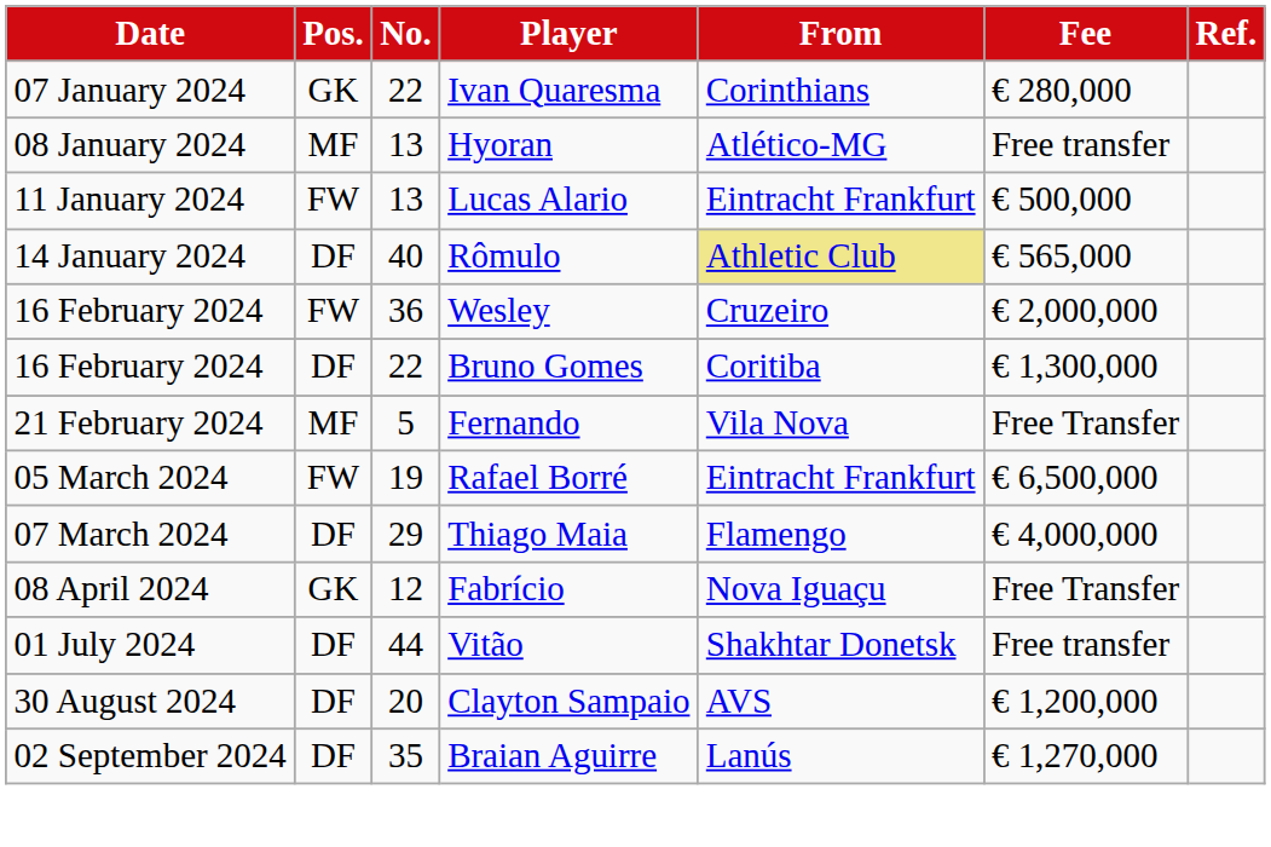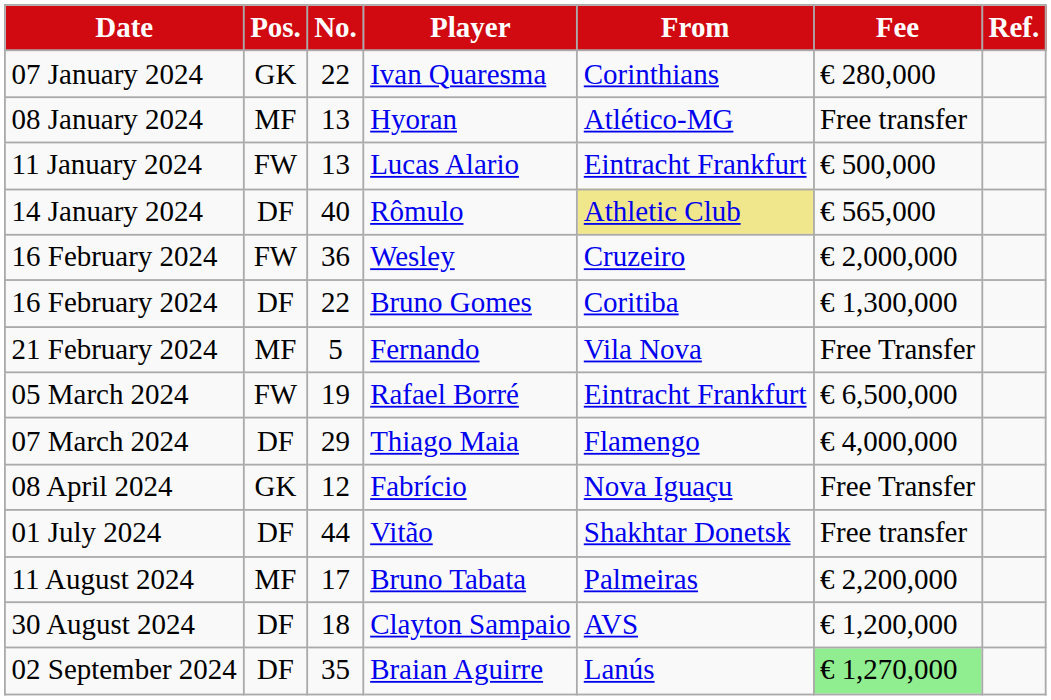 <table class="wikitable plainrowheaders sortable">
 <tr>
 <th style="background:#D10A11; color:#ffffff; ">Date</th>
 <th style="background:#D10A11; color:#ffffff; ">Pos.</th>
 <th style="background:#D10A11; color:#ffffff; ">No.</th>
 <th style="background:#D10A11; color:#ffffff; ">Player</th>
 <th style="background:#D10A11; color:#ffffff; ">From</th>
 <th style="background:#D10A11; color:#ffffff; ">Fee</th>
 <th style="background:#D10A11; color:#ffffff; ">Ref.</th>
 </tr>
 <tr>
 <td>07 January 2024</td>
 <td style="text-align:center;">GK</td>
 <td style="text-align:center;">22</td>
 <td> <a href='#'>Ivan Quaresma</a></td>
 <td> <a href='#'>Corinthians</a></td>
 <td>€ 280,000</td>
 <td></td>
 </tr>
 <tr>
 <td>08 January 2024</td>
 <td style="text-align:center;">MF</td>
 <td style="text-align:center;">13</td>
 <td> <a href='#'>Hyoran</a></td>
 <td> <a href='#'>Atlético-MG</a></td>
 <td>Free transfer</td>
 <td></td>
 </tr>
 <tr>
 <td>11 January 2024</td>
 <td style="text-align:center;">FW</td>
 <td style="text-align:center;">13</td>
 <td> <a href='#'>Lucas Alario</a></td>
 <td> <a href='#'>Eintracht Frankfurt</a></td>
 <td>€ 500,000</td>
 <td></td>
 </tr>
 <tr>
 <td>14 January 2024</td>
 <td style="text-align:center;">DF</td>
 <td style="text-align:center;">40</td>
 <td> <a href='#'>Rômulo</a></td>
 <td style="background: khaki;"> <a href='#'>Athletic Club</a></td>
 <td>€ 565,000</td>
 <td></td>
 </tr>
 <tr>
 <td>16 February 2024</td>
 <td style="text-align:center;">FW</td>
 <td style="text-align:center;">36</td>
 <td style="text-align:left;"> <a href='#'>Wesley</a></td>
 <td style="text-aglin:left;"> <a href='#'>Cruzeiro</a></td>
 <td>€ 2,000,000</td>
 <td></td>
 </tr>
 <tr>
 <td>16 February 2024</td>
 <td style="text-align:center;">DF</td>
 <td style="text-align:center;">22</td>
 <td> <a href='#'>Bruno Gomes</a></td>
 <td> <a href='#'>Coritiba</a></td>
 <td>€ 1,300,000</td>
 <td></td>
 </tr>
 <tr>
 <td>21 February 2024</td>
 <td style="text-align:center;">MF</td>
 <td style="text-align:center;">5</td>
 <td> <a href='#'>Fernando</a></td>
 <td> <a href='#'>Vila Nova</a></td>
 <td>Free Transfer</td>
 <td></td>
 </tr>
 <tr>
 <td>05 March 2024</td>
 <td style="text-align:center;">FW</td>
 <td style="text-align:center;">19</td>
 <td style="text-align:left;"> <a href='#'>Rafael Borré</a></td>
 <td style="text-align:left;"> <a href='#'>Eintracht Frankfurt</a></td>
 <td>€ 6,500,000</td>
 <td></td>
 </tr>
 <tr>
 <td>07 March 2024</td>
 <td style="text-align:center;">DF</td>
 <td style="text-align:center;">29</td>
 <td> <a href='#'>Thiago Maia</a></td>
 <td> <a href='#'>Flamengo</a></td>
 <td>€ 4,000,000</td>
 <td></td>
 </tr>
 <tr>
 <td>08 April 2024</td>
 <td style="text-align:center;">GK</td>
 <td style="text-align:center;">12</td>
 <td> <a href='#'>Fabrício</a></td>
 <td> <a href='#'>Nova Iguaçu</a></td>
 <td>Free Transfer</td>
 <td></td>
 </tr>
 <tr>
 <td>01 July 2024</td>
 <td style="text-align:center;">DF</td>
 <td style="text-align:center;">44</td>
 <td> <a href='#'>Vitão</a></td>
 <td> <a href='#'>Shakhtar Donetsk</a></td>
 <td>Free transfer</td>
 <td></td>
 </tr>
 <tr>
+<td>11 August 2024</td>
+<td style="text-align:center;">MF</td>
+<td style="text-align:center;">17</td>
+<td> <a href='#'>Bruno Tabata</a></td>
+<td> <a href='#'>Palmeiras</a></td>
+<td>€ 2,200,000</td>
+<td></td>
+</tr>
+<tr>
 <td>30 August 2024</td>
 <td style="text-align:center;">DF</td>
-<td style="text-align:center;">20</td>
+<td style="text-align:center;">18</td>
 <td> <a href='#'>Clayton Sampaio</a></td>
 <td> <a href='#'>AVS</a></td>
 <td>€ 1,200,000</td>
 <td></td>
 </tr>
 <tr>
 <td>02 September 2024</td>
 <td style="text-align:center;">DF</td>
 <td style="text-align:center;">35</td>
 <td> <a href='#'>Braian Aguirre</a></td>
 <td> <a href='#'>Lanús</a></td>
-<td>€ 1,270,000</td>
+<td style="background: lightgreen;">€ 1,270,000</td>
 <td></td>
 </tr>
 </table>
